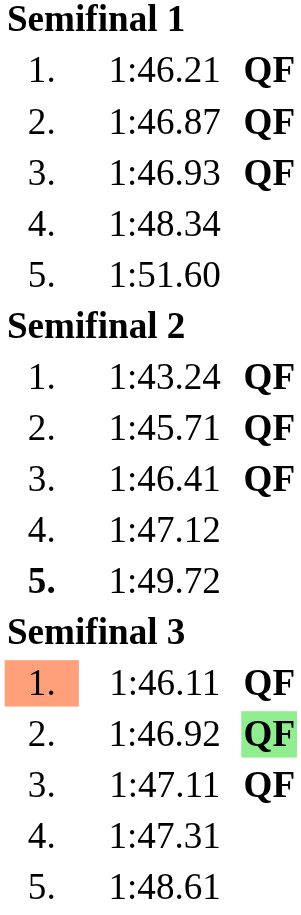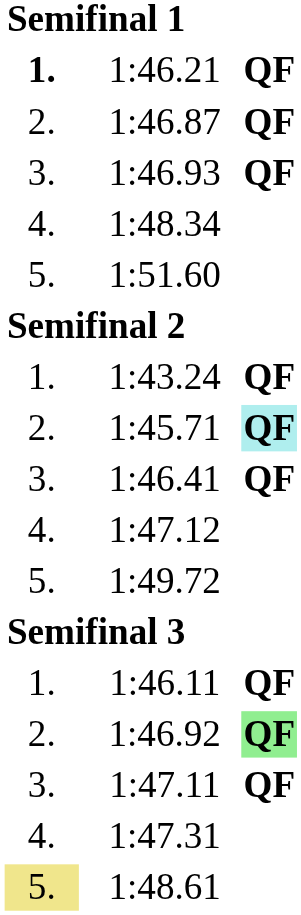 <table style="text-align:center">
 <tr>
 <td colspan=4 align=left><strong>Semifinal 1</strong></td>
 </tr>
 <tr>
-<td width=30>1.</td>
+<td width=30><strong>1.</strong></td>
 <td align=left></td>
 <td width=60>1:46.21</td>
 <td><strong>QF</strong></td>
 </tr>
 <tr>
 <td>2.</td>
 <td align=left></td>
 <td>1:46.87</td>
 <td><strong>QF</strong></td>
 </tr>
 <tr>
 <td>3.</td>
 <td align=left></td>
 <td>1:46.93</td>
 <td><strong>QF</strong></td>
 </tr>
 <tr>
 <td>4.</td>
 <td align=left></td>
 <td>1:48.34</td>
 <td></td>
 </tr>
 <tr>
 <td>5.</td>
 <td align=left></td>
 <td>1:51.60</td>
 <td></td>
 </tr>
 <tr>
 <td colspan=4 align=left><strong>Semifinal 2</strong></td>
 </tr>
 <tr>
 <td width=30>1.</td>
 <td align=left></td>
 <td width=60>1:43.24</td>
 <td><strong>QF</strong></td>
 </tr>
 <tr>
 <td>2.</td>
 <td align=left></td>
 <td>1:45.71</td>
-<td><strong>QF</strong></td>
+<td style="background: paleturquoise;"><strong>QF</strong></td>
 </tr>
 <tr>
 <td>3.</td>
 <td align=left></td>
 <td>1:46.41</td>
 <td><strong>QF</strong></td>
 </tr>
 <tr>
 <td>4.</td>
 <td align=left></td>
 <td>1:47.12</td>
 <td></td>
 </tr>
 <tr>
-<td><strong>5.</strong></td>
+<td>5.</td>
 <td align=left></td>
 <td>1:49.72</td>
 <td></td>
 </tr>
 <tr>
 <td colspan=4 align=left><strong>Semifinal 3</strong></td>
 </tr>
 <tr>
-<td width=30 style="background: lightsalmon;">1.</td>
+<td width=30>1.</td>
 <td align=left></td>
 <td width=60>1:46.11</td>
 <td><strong>QF</strong></td>
 </tr>
 <tr>
 <td>2.</td>
 <td align=left></td>
 <td>1:46.92</td>
 <td style="background: lightgreen;"><strong>QF</strong></td>
 </tr>
 <tr>
 <td>3.</td>
 <td align=left></td>
 <td>1:47.11</td>
 <td><strong>QF</strong></td>
 </tr>
 <tr>
 <td>4.</td>
 <td align=left></td>
 <td>1:47.31</td>
 <td></td>
 </tr>
 <tr>
-<td>5.</td>
+<td style="background: khaki;">5.</td>
 <td align=left></td>
 <td>1:48.61</td>
 <td></td>
 </tr>
 </table>
